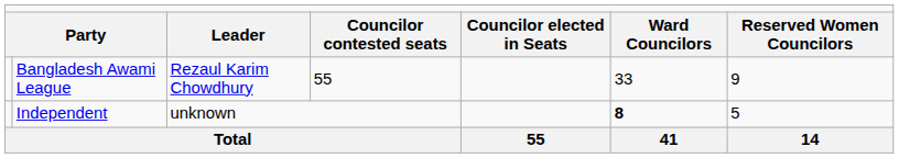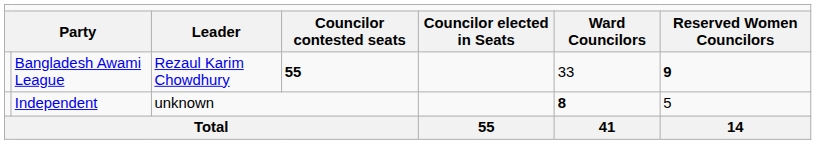 <table class="wikitable">
 <tr>
 <td colspan="7"></td>
 </tr>
 <tr>
 <th colspan="2">Party</th>
 <th>Leader</th>
 <th>Councilor contested seats</th>
 <th>Councilor elected in Seats</th>
 <th>Ward Councilors</th>
 <th>Reserved Women Councilors</th>
 </tr>
 <tr>
 <td></td>
 <td><a href='#'>Bangladesh Awami League</a></td>
 <td><a href='#'>Rezaul Karim Chowdhury</a></td>
-<td>55</td>
+<td><strong>55</strong></td>
 <td></td>
 <td>33</td>
-<td>9</td>
+<td><strong>9</strong></td>
 </tr>
 <tr>
 <td></td>
 <td><a href='#'>Independent</a></td>
 <td colspan="2">unknown</td>
 <td></td>
 <td><strong>8</strong></td>
 <td>5</td>
 </tr>
 <tr>
 <th colspan="4">Total</th>
 <th>55</th>
 <th>41</th>
 <th>14</th>
 </tr>
 </table>
